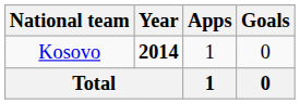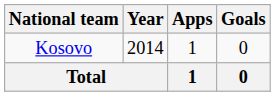 <table class="wikitable" style="text-align:center">
 <tr>
 <th>National team</th>
 <th>Year</th>
 <th>Apps</th>
 <th>Goals</th>
 </tr>
 <tr>
 <td><a href='#'>Kosovo</a></td>
-<td><strong>2014</strong></td>
+<td>2014</td>
 <td>1</td>
 <td>0</td>
 </tr>
 <tr>
 <th colspan="2">Total</th>
 <th>1</th>
 <th>0</th>
 </tr>
 </table>
